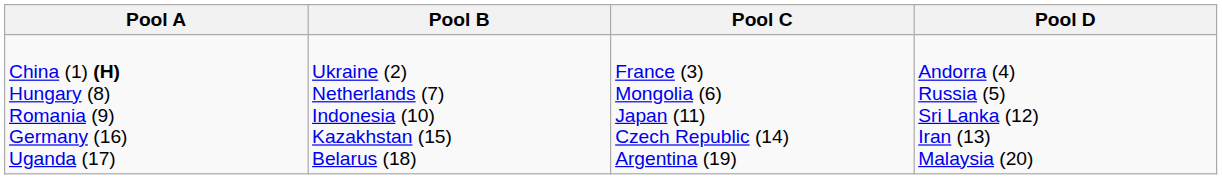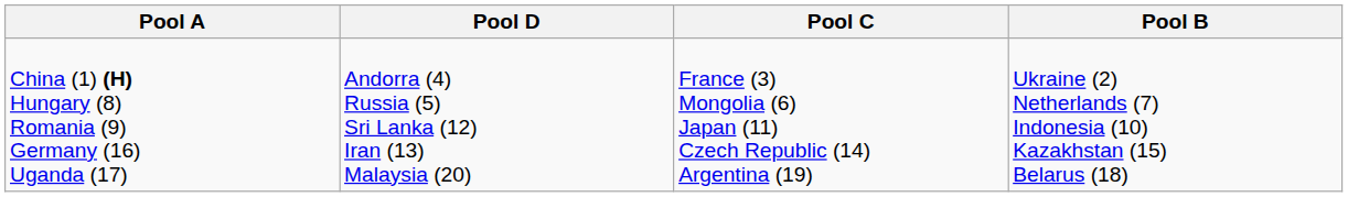 <table class="wikitable" width=80%>
 <tr>
 <th width=25%><strong>Pool A</strong></th>
+<th width=25%><strong>Pool D</strong></th>
+<th width=25%><strong>Pool C</strong></th>
 <th width=25%><strong>Pool B</strong></th>
-<th width=25%><strong>Pool C</strong></th>
-<th width=25%><strong>Pool D</strong></th>
 </tr>
 <tr>
 <td><br> <a href='#'>China</a> (1) <strong>(H)</strong><br>  <a href='#'>Hungary</a> (8) <br>  <a href='#'>Romania</a> (9) <br>  <a href='#'>Germany</a> (16) <br>  <a href='#'>Uganda</a> (17) <br></td>
+<td><br> <a href='#'>Andorra</a> (4) <br>  <a href='#'>Russia</a> (5) <br>  <a href='#'>Sri Lanka</a> (12) <br>  <a href='#'>Iran</a> (13) <br>  <a href='#'>Malaysia</a> (20) <br></td>
+<td><br> <a href='#'>France</a> (3) <br>   <a href='#'>Mongolia</a> (6) <br>   <a href='#'>Japan</a> (11) <br>   <a href='#'>Czech Republic</a> (14) <br>  <a href='#'>Argentina</a> (19) <br></td>
 <td><br> <a href='#'>Ukraine</a> (2) <br>  <a href='#'>Netherlands</a> (7)<br>   <a href='#'>Indonesia</a> (10)<br>   <a href='#'>Kazakhstan</a> (15) <br>  <a href='#'>Belarus</a> (18) <br></td>
-<td><br> <a href='#'>France</a> (3) <br>   <a href='#'>Mongolia</a> (6) <br>   <a href='#'>Japan</a> (11) <br>   <a href='#'>Czech Republic</a> (14) <br>  <a href='#'>Argentina</a> (19) <br></td>
-<td><br> <a href='#'>Andorra</a> (4) <br>  <a href='#'>Russia</a> (5) <br>  <a href='#'>Sri Lanka</a> (12) <br>  <a href='#'>Iran</a> (13) <br>  <a href='#'>Malaysia</a> (20) <br></td>
 </tr>
 </table>
